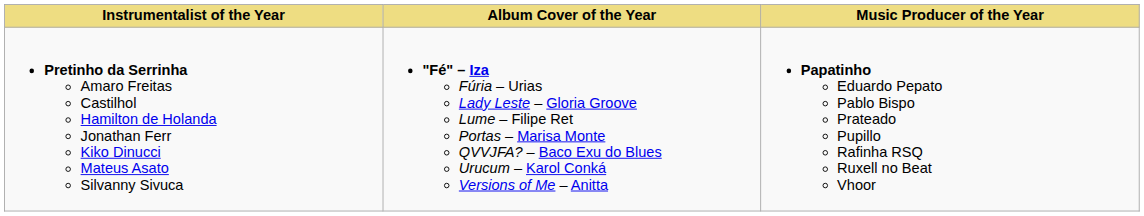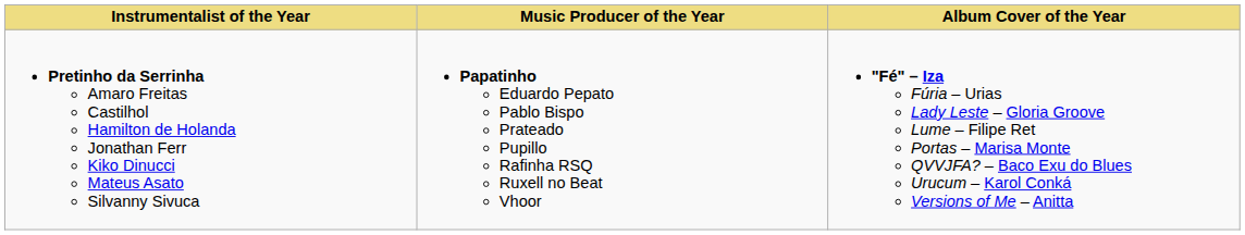 <table class="wikitable">
 <tr>
 <th style="background:#EEDD82;width:20%">Instrumentalist of the Year</th>
+<th style="background:#EEDD82;width:20%">Music Producer of the Year</th>
 <th style="background:#EEDD82;width:20%">Album Cover of the Year</th>
-<th style="background:#EEDD82;width:20%">Music Producer of the Year</th>
 </tr>
 <tr>
 <td valign="top"><br><ul><li><strong>Pretinho da Serrinha</strong><ul><li>Amaro Freitas</li><li>Castilhol</li><li><a href='#'>Hamilton de Holanda</a></li><li>Jonathan Ferr</li><li><a href='#'>Kiko Dinucci</a></li><li><a href='#'>Mateus Asato</a></li><li>Silvanny Sivuca</li></ul></li></ul></td>
+<td valign="top"><br><ul><li><strong>Papatinho</strong><ul><li>Eduardo Pepato</li><li>Pablo Bispo</li><li>Prateado</li><li>Pupillo</li><li>Rafinha RSQ</li><li>Ruxell no Beat</li><li>Vhoor</li></ul></li></ul></td>
 <td valign="top"><br><ul><li><strong>"Fé" – <a href='#'>Iza</a></strong><ul><li><em>Fúria</em> – Urias</li><li><em><a href='#'>Lady Leste</a></em> – <a href='#'>Gloria Groove</a></li><li><em>Lume</em> – Filipe Ret</li><li><em>Portas</em> – <a href='#'>Marisa Monte</a></li><li><em>QVVJFA?</em> – <a href='#'>Baco Exu do Blues</a></li><li><em>Urucum</em> – <a href='#'>Karol Conká</a></li><li><em><a href='#'>Versions of Me</a></em> – <a href='#'>Anitta</a></li></ul></li></ul></td>
-<td valign="top"><br><ul><li><strong>Papatinho</strong><ul><li>Eduardo Pepato</li><li>Pablo Bispo</li><li>Prateado</li><li>Pupillo</li><li>Rafinha RSQ</li><li>Ruxell no Beat</li><li>Vhoor</li></ul></li></ul></td>
 </tr>
 </table>
